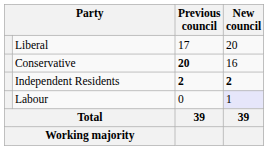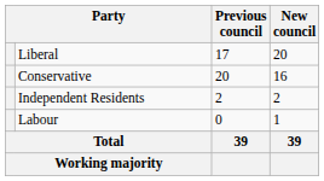 <table class="wikitable">
 <tr>
 <th valign=top colspan="2" style="width: 230px">Party</th>
 <th valign=top style="width: 30px">Previous council</th>
 <th valign=top style="width: 30px">New council</th>
 </tr>
 <tr>
 <th style="background-color: "></th>
 <td>Liberal</td>
 <td>17</td>
 <td>20</td>
 </tr>
 <tr>
 <th style="background-color: "></th>
 <td>Conservative</td>
-<td><strong>20</strong></td>
+<td>20</td>
 <td>16</td>
 </tr>
 <tr>
 <th style="background-color: "></th>
 <td>Independent Residents</td>
-<td><strong>2</strong></td>
-<td><strong>2</strong></td>
+<td>2</td>
+<td>2</td>
 </tr>
 <tr>
 <th style="background-color: "></th>
 <td>Labour</td>
 <td>0</td>
-<td style="background: lavender;">1</td>
+<td>1</td>
 </tr>
 <tr>
 <th colspan=2>Total</th>
 <th style="text-align: center">39</th>
 <th colspan=3>39</th>
 </tr>
 <tr>
 <th colspan=2>Working majority</th>
 <th></th>
 <th></th>
 </tr>
 </table>
